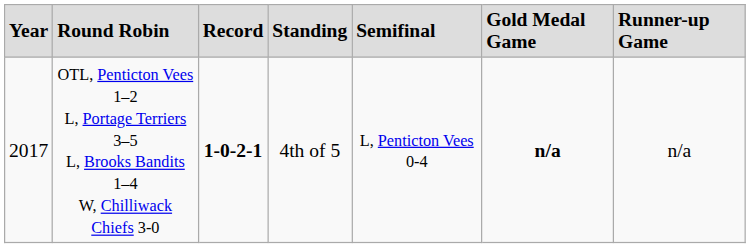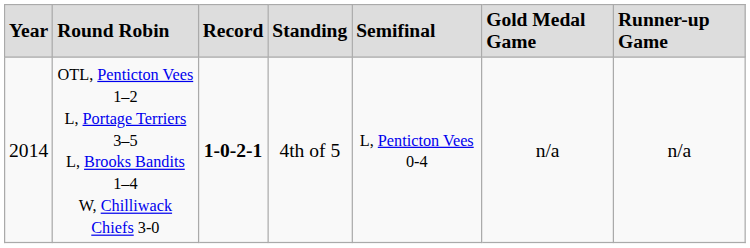 <table class="wikitable">
 <tr style="font-weight:bold; background-color:#dddddd;" |>
 <td>Year</td>
 <td>Round Robin</td>
 <td>Record</td>
 <td>Standing</td>
 <td>Semifinal</td>
 <td>Gold Medal Game</td>
 <td>Runner-up Game</td>
 </tr>
 <tr align=center>
-<td>2017</td>
+<td>2014</td>
 <td><small>OTL, <a href='#'>Penticton Vees</a> 1–2<br>L, <a href='#'>Portage Terriers</a> 3–5<br>L, <a href='#'>Brooks Bandits</a> 1–4<br>W, <a href='#'>Chilliwack Chiefs</a> 3-0</small></td>
 <td><strong>1-0-2-1</strong></td>
 <td>4th of 5</td>
 <td><small>L, <a href='#'>Penticton Vees</a> 0-4</small></td>
-<td><strong>n/a</strong></td>
+<td>n/a</td>
 <td>n/a</td>
 </tr>
 </table>
